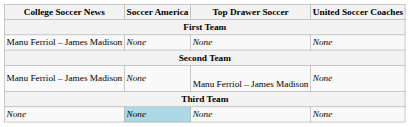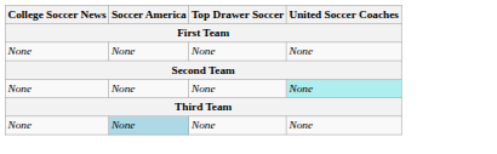 <table class="wikitable" style="font-size: 95%">
 <tr>
 <th>College Soccer News</th>
 <th>Soccer America<em></em></th>
 <th>Top Drawer Soccer</th>
 <th>United Soccer Coaches</th>
 </tr>
 <tr>
 <th colspan=4>First Team</th>
 </tr>
 <tr>
-<td>Manu Ferriol – James Madison</td>
+<td><em>None</em></td>
 <td><em>None</em></td>
 <td><em>None</em></td>
 <td><em>None</em></td>
 </tr>
 <tr>
 <th colspan=4>Second Team</th>
 </tr>
 <tr>
-<td>Manu Ferriol – James Madison</td>
 <td><em>None</em></td>
-<td><br>Manu Ferriol – James Madison</td>
 <td><em>None</em></td>
+<td><em>None</em></td>
+<td style="background: paleturquoise;"><em>None</em></td>
 </tr>
 <tr>
 <th colspan=4>Third Team</th>
 </tr>
 <tr>
 <td><em>None</em></td>
 <td style="background: lightblue;"><em>None</em></td>
 <td><em>None</em></td>
 <td><em>None</em></td>
 </tr>
 </table>
